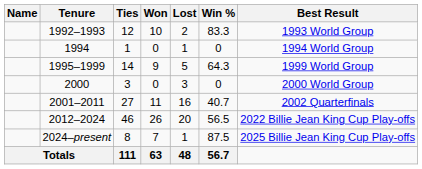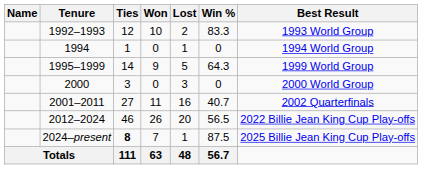 <table class="wikitable sortable" style="text-align: center;">
 <tr>
 <th>Name</th>
 <th>Tenure</th>
 <th>Ties</th>
 <th>Won</th>
 <th>Lost</th>
 <th>Win %</th>
 <th class="unsortable">Best Result</th>
 </tr>
 <tr>
 <td style="text-align: left;"> </td>
 <td>1992–1993</td>
 <td>12</td>
 <td>10</td>
 <td>2</td>
 <td>83.3</td>
 <td><a href='#'>1993 World Group</a></td>
 </tr>
 <tr>
 <td style="text-align: left;"> </td>
 <td>1994</td>
 <td>1</td>
 <td>0</td>
 <td>1</td>
 <td>0</td>
 <td><a href='#'>1994 World Group</a></td>
 </tr>
 <tr>
 <td style="text-align: left;"> </td>
 <td>1995–1999</td>
 <td>14</td>
 <td>9</td>
 <td>5</td>
 <td>64.3</td>
 <td><a href='#'>1999 World Group</a></td>
 </tr>
 <tr>
 <td style="text-align: left;"> </td>
 <td>2000</td>
 <td>3</td>
 <td>0</td>
 <td>3</td>
 <td>0</td>
 <td><a href='#'>2000 World Group</a></td>
 </tr>
 <tr>
 <td style="text-align: left;"> </td>
 <td>2001–2011</td>
 <td>27</td>
 <td>11</td>
 <td>16</td>
 <td>40.7</td>
 <td><a href='#'>2002 Quarterfinals</a></td>
 </tr>
 <tr>
 <td style="text-align: left;"> </td>
 <td>2012–2024</td>
 <td>46</td>
 <td>26</td>
 <td>20</td>
 <td>56.5</td>
 <td><a href='#'>2022 Billie Jean King Cup Play-offs</a></td>
 </tr>
 <tr>
 <td style="text-align: left;"> </td>
 <td>2024–<em>present</em></td>
-<td>8</td>
+<td><strong>8</strong></td>
 <td>7</td>
 <td>1</td>
 <td>87.5</td>
 <td><a href='#'>2025 Billie Jean King Cup Play-offs</a></td>
 </tr>
 <tr>
 <th colspan="2">Totals</th>
 <th>111</th>
 <th>63</th>
 <th>48</th>
 <th>56.7</th>
 </tr>
 </table>
